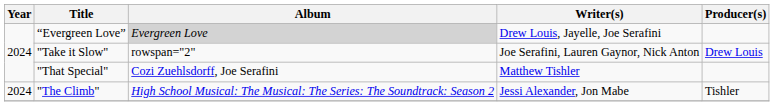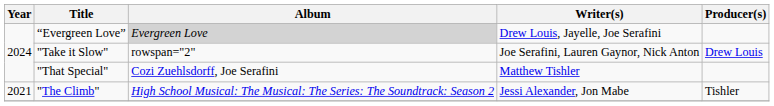 <table class="wikitable">
 <tr>
 <th>Year</th>
 <th>Title</th>
 <th>Album</th>
 <th>Writer(s)</th>
 <th>Producer(s)</th>
 </tr>
 <tr>
 <td rowspan="3">2024</td>
 <td>“Evergreen Love”</td>
 <td style="background: lightgrey;"><em>Evergreen Love</em></td>
 <td><a href='#'>Drew Louis</a>, Jayelle, Joe Serafini</td>
 <td></td>
 </tr>
 <tr>
 <td>"Take it Slow"</td>
 <td>rowspan="2"</td>
 <td>Joe Serafini, Lauren Gaynor, Nick Anton</td>
 <td><a href='#'>Drew Louis</a></td>
 </tr>
 <tr>
 <td "That Special">"That Special"</td>
 <td><a href='#'>Cozi Zuehlsdorff</a>, Joe Serafini</td>
 <td><a href='#'>Matthew Tishler</a></td>
 </tr>
 <tr>
-<td>2024</td>
+<td>2021</td>
 <td>"<a href='#'>The Climb</a>"</td>
 <td><em><a href='#'>High School Musical: The Musical: The Series: The Soundtrack: Season 2</a></em></td>
 <td><a href='#'>Jessi Alexander</a>, Jon Mabe</td>
 <td>Tishler</td>
 </tr>
 <tr>
 </tr>
 </table>
